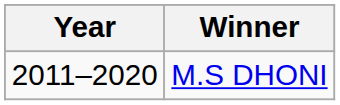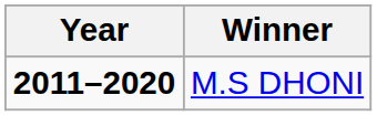 <table class="wikitable">
 <tr>
 <th>Year</th>
 <th>Winner</th>
 </tr>
 <tr>
-<td>2011–2020</td>
+<td><strong>2011–2020</strong></td>
 <td> <a href='#'>M.S DHONI</a></td>
 </tr>
 </table>
